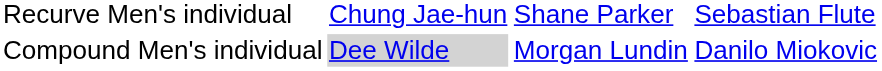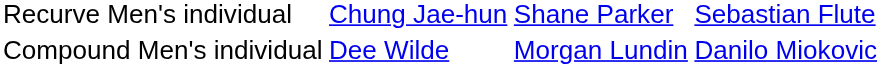 <table>
 <tr>
 <td>Recurve Men's individual<br></td>
 <td> <a href='#'>Chung Jae-hun</a></td>
 <td> <a href='#'>Shane Parker</a></td>
 <td> <a href='#'>Sebastian Flute</a></td>
 </tr>
 <tr>
 <td>Compound Men's individual<br></td>
-<td style="background: lightgrey;"> <a href='#'>Dee Wilde</a></td>
+<td> <a href='#'>Dee Wilde</a></td>
 <td> <a href='#'>Morgan Lundin</a></td>
 <td> <a href='#'>Danilo Miokovic</a></td>
 </tr>
 </table>
